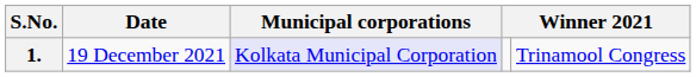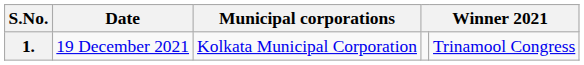 <table class="wikitable sortable">
 <tr>
 <th>S.No.</th>
 <th>Date</th>
 <th>Municipal corporations</th>
 <th colspan="2">Winner 2021</th>
 </tr>
 <tr>
 <th>1.</th>
 <td rowspan="2"><a href='#'>19 December 2021</a></td>
-<td style="background: lavender;"><a href='#'>Kolkata Municipal Corporation</a></td>
+<td><a href='#'>Kolkata Municipal Corporation</a></td>
 <td style="background:"></td>
 <td><a href='#'>Trinamool Congress</a></td>
 </tr>
 </table>
